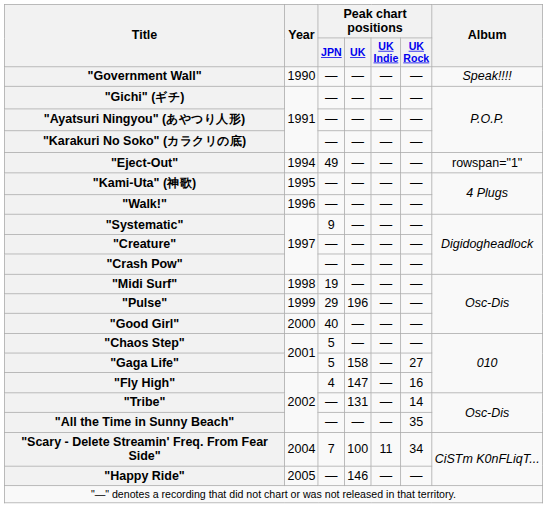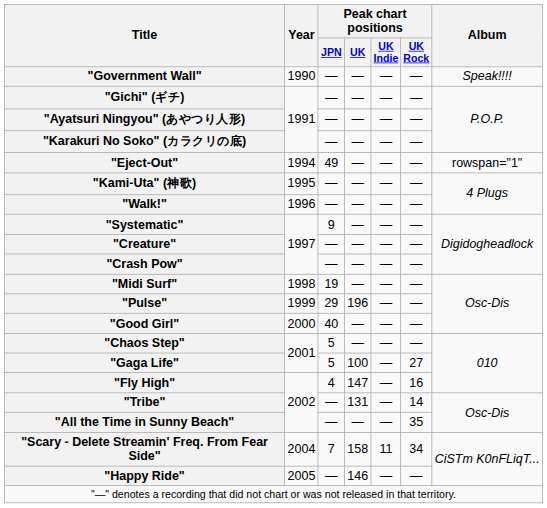 <table class="wikitable plainrowheaders" style="text-align:center;" border="1">
 <tr>
 <th scope="col" rowspan="2" style="width:22em;">Title</th>
 <th scope="col" rowspan="2">Year</th>
 <th scope="col" colspan="4">Peak chart positions</th>
 <th scope="col" rowspan="2">Album</th>
 </tr>
 <tr>
 <th scope="col" style="width:2em;font-size:85%;"><a href='#'>JPN</a><br></th>
 <th scope="col" style="width:2em;font-size:85%;"><a href='#'>UK</a><br></th>
 <th scope="col" style="width:2em;font-size:85%;"><a href='#'>UK<br>Indie</a><br></th>
 <th scope="col" style="width:2em;font-size:85%;"><a href='#'>UK<br> Rock</a><br></th>
 </tr>
 <tr>
 <th scope="row">"Government Wall"</th>
 <td rowspan=1>1990</td>
 <td>—</td>
 <td>—</td>
 <td>—</td>
 <td>—</td>
 <td rowspan="1"><em>Speak!!!!</em></td>
 </tr>
 <tr>
 <th scope="row">"Gichi" (ギチ)</th>
 <td rowspan=3>1991</td>
 <td>—</td>
 <td>—</td>
 <td>—</td>
 <td>—</td>
 <td rowspan="3"><em>P.O.P.</em></td>
 </tr>
 <tr>
 <th scope="row">"Ayatsuri Ningyou" (あやつり人形)</th>
 <td>—</td>
 <td>—</td>
 <td>—</td>
 <td>—</td>
 </tr>
 <tr>
 <th scope="row">"Karakuri No Soko" (カラクリの底)</th>
 <td>—</td>
 <td>—</td>
 <td>—</td>
 <td>—</td>
 </tr>
 <tr>
 <th scope="row">"Eject-Out" </th>
 <td rowspan=1>1994</td>
 <td>49</td>
 <td>—</td>
 <td>—</td>
 <td>—</td>
 <td>rowspan="1" </td>
 </tr>
 <tr>
 <th scope="row">"Kami-Uta" (神歌)</th>
 <td rowspan=1>1995</td>
 <td>—</td>
 <td>—</td>
 <td>—</td>
 <td>—</td>
 <td rowspan="2"><em>4 Plugs</em></td>
 </tr>
 <tr>
 <th scope="row">"Walk!"</th>
 <td rowspan=1>1996</td>
 <td>—</td>
 <td>—</td>
 <td>—</td>
 <td>—</td>
 </tr>
 <tr>
 <th scope="row">"Systematic"</th>
 <td rowspan=3>1997</td>
 <td>9</td>
 <td>—</td>
 <td>—</td>
 <td>—</td>
 <td rowspan="3"><em>Digidogheadlock</em></td>
 </tr>
 <tr>
 <th scope="row">"Creature"</th>
 <td>—</td>
 <td>—</td>
 <td>—</td>
 <td>—</td>
 </tr>
 <tr>
 <th scope="row">"Crash Pow"</th>
 <td>—</td>
 <td>—</td>
 <td>—</td>
 <td>—</td>
 </tr>
 <tr>
 <th scope="row">"Midi Surf"</th>
 <td rowspan=1>1998</td>
 <td>19</td>
 <td>—</td>
 <td>—</td>
 <td>—</td>
 <td rowspan="3"><em>Osc-Dis</em></td>
 </tr>
 <tr>
 <th scope="row">"Pulse"</th>
 <td rowspan=1>1999</td>
 <td>29</td>
 <td>196</td>
 <td>—</td>
 <td>—</td>
 </tr>
 <tr>
 <th scope="row">"Good Girl"</th>
 <td rowspan=1>2000</td>
 <td>40</td>
 <td>—</td>
 <td>—</td>
 <td>—</td>
 </tr>
 <tr>
 <th scope="row">"Chaos Step"</th>
 <td rowspan=2>2001</td>
 <td>5</td>
 <td>—</td>
 <td>—</td>
 <td>—</td>
 <td rowspan="3"><em>010</em></td>
 </tr>
 <tr>
 <th scope="row">"Gaga Life"</th>
 <td>5</td>
-<td>158</td>
+<td>100</td>
 <td>—</td>
 <td>27</td>
 </tr>
 <tr>
 <th scope="row">"Fly High" </th>
 <td rowspan=3>2002</td>
 <td>4</td>
 <td>147</td>
 <td>—</td>
 <td>16</td>
 </tr>
 <tr>
 <th scope="row">"Tribe"</th>
 <td>—</td>
 <td>131</td>
 <td>—</td>
 <td>14</td>
 <td rowspan="2"><em>Osc-Dis</em></td>
 </tr>
 <tr>
 <th scope="row">"All the Time in Sunny Beach"</th>
 <td>—</td>
 <td>—</td>
 <td>—</td>
 <td>35</td>
 </tr>
 <tr>
 <th scope="row">"Scary - Delete Streamin' Freq. From Fear Side"</th>
 <td rowspan=1>2004</td>
 <td>7</td>
-<td>100</td>
+<td>158</td>
 <td>11</td>
 <td>34</td>
 <td rowspan="2"><em>CiSTm K0nFLiqT...</em></td>
 </tr>
 <tr>
 <th scope="row">"Happy Ride"</th>
 <td rowspan=1>2005</td>
 <td>—</td>
 <td>146</td>
 <td>—</td>
 <td>—</td>
 </tr>
 <tr>
 <td colspan="7" style="font-size:85%">"—" denotes a recording that did not chart or was not released in that territory.</td>
 </tr>
 </table>
